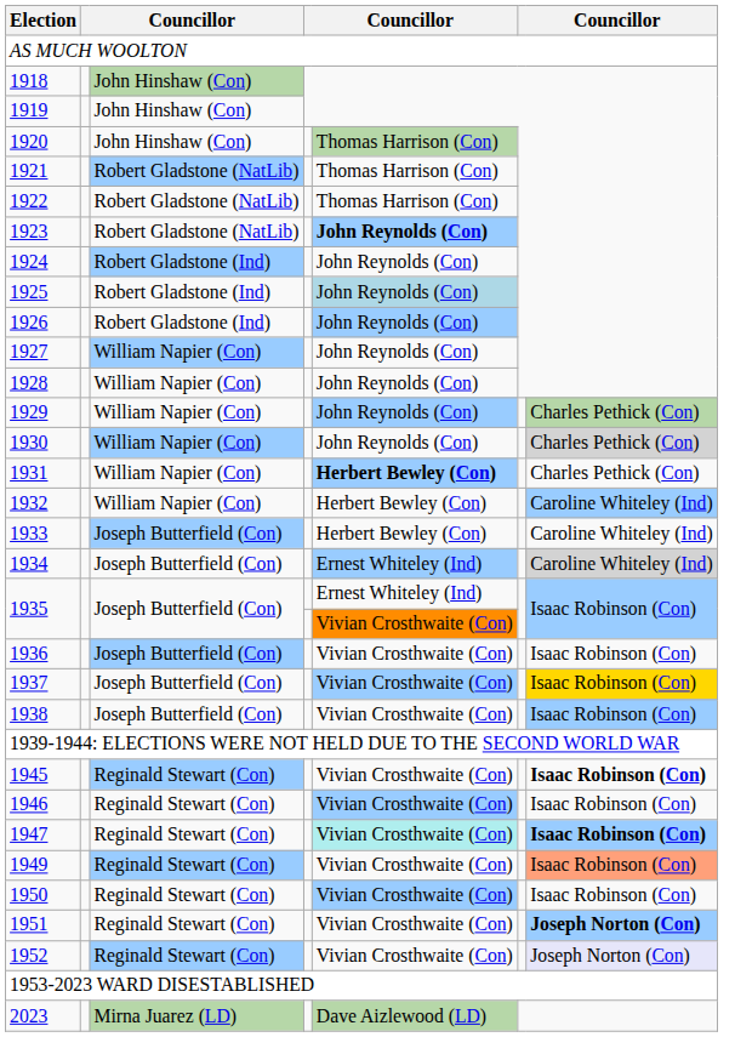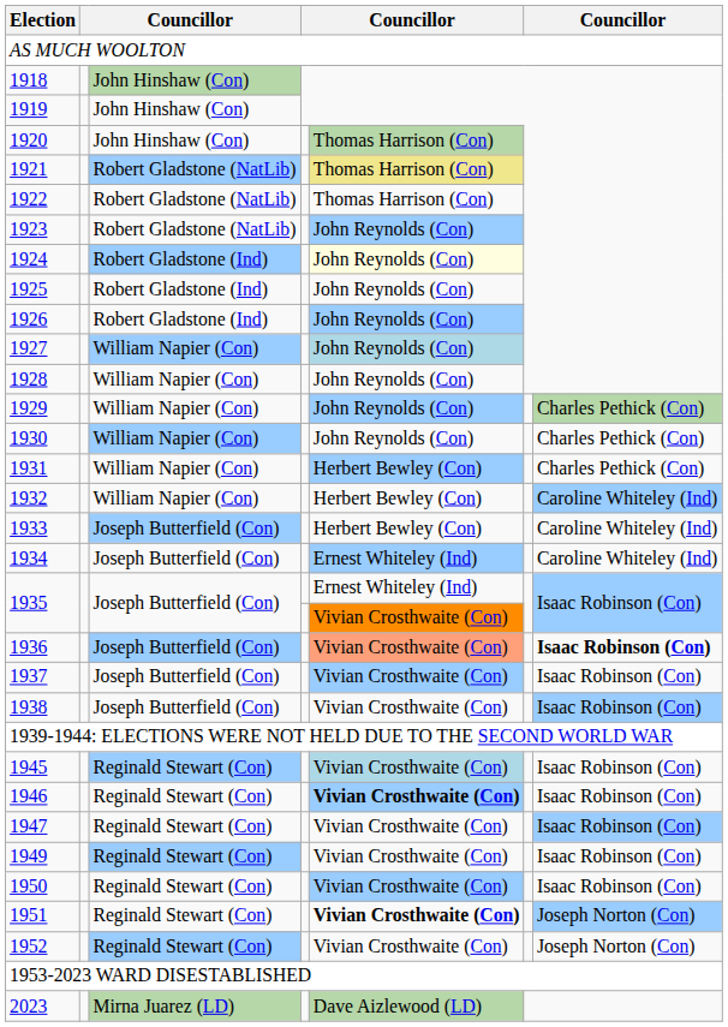 <table class="wikitable">
 <tr>
 <th>Election</th>
 <th colspan="2">Councillor</th>
 <th colspan="2">Councillor</th>
 <th colspan="2">Councillor</th>
 </tr>
 <tr>
 <td colspan="8" bgcolor="#FFF"><div><em>AS MUCH WOOLTON</em></div></td>
 </tr>
 <tr>
 <td><a href='#'>1918</a></td>
 <td style="background-color: "></td>
 <td bgcolor="#B6D7A8">John Hinshaw (<a href='#'>Con</a>)</td>
 </tr>
 <tr>
 <td><a href='#'>1919</a></td>
 <td style="background-color: "></td>
 <td>John Hinshaw (<a href='#'>Con</a>)</td>
 </tr>
 <tr>
 <td><a href='#'>1920</a></td>
 <td style="background-color: "></td>
 <td>John Hinshaw (<a href='#'>Con</a>)</td>
 <td style="background-color: "></td>
 <td bgcolor="#B6D7A8">Thomas Harrison (<a href='#'>Con</a>)</td>
 </tr>
 <tr>
 <td><a href='#'>1921</a></td>
 <td style="background-color: "></td>
 <td bgcolor="#99CCFF">Robert Gladstone (<a href='#'>NatLib</a>)</td>
 <td style="background-color: "></td>
-<td>Thomas Harrison (<a href='#'>Con</a>)</td>
+<td style="background: khaki;">Thomas Harrison (<a href='#'>Con</a>)</td>
 </tr>
 <tr>
 <td><a href='#'>1922</a></td>
 <td style="background-color: "></td>
 <td>Robert Gladstone (<a href='#'>NatLib</a>)</td>
 <td style="background-color: "></td>
 <td>Thomas Harrison (<a href='#'>Con</a>)</td>
 </tr>
 <tr>
 <td><a href='#'>1923</a></td>
 <td style="background-color: "></td>
 <td>Robert Gladstone (<a href='#'>NatLib</a>)</td>
 <td style="background-color: "></td>
-<td bgcolor="#99CCFF"><strong>John Reynolds (<a href='#'>Con</a>)</strong></td>
+<td bgcolor="#99CCFF">John Reynolds (<a href='#'>Con</a>)</td>
 </tr>
 <tr>
 <td><a href='#'>1924</a></td>
 <td style="background-color: "></td>
 <td bgcolor="#99CCFF">Robert Gladstone (<a href='#'>Ind</a>)</td>
 <td style="background-color: "></td>
-<td>John Reynolds (<a href='#'>Con</a>)</td>
+<td style="background: lightyellow;">John Reynolds (<a href='#'>Con</a>)</td>
 </tr>
 <tr>
 <td><a href='#'>1925</a></td>
 <td style="background-color: "></td>
 <td>Robert Gladstone (<a href='#'>Ind</a>)</td>
 <td style="background-color: "></td>
-<td style="background: lightblue;">John Reynolds (<a href='#'>Con</a>)</td>
+<td>John Reynolds (<a href='#'>Con</a>)</td>
 </tr>
 <tr>
 <td><a href='#'>1926</a></td>
 <td style="background-color: "></td>
 <td>Robert Gladstone (<a href='#'>Ind</a>)</td>
 <td style="background-color: "></td>
 <td bgcolor="#99CCFF">John Reynolds (<a href='#'>Con</a>)</td>
 </tr>
 <tr>
 <td><a href='#'>1927</a></td>
 <td style="background-color: "></td>
 <td bgcolor="#99CCFF">William Napier (<a href='#'>Con</a>)</td>
 <td style="background-color: "></td>
-<td>John Reynolds (<a href='#'>Con</a>)</td>
+<td style="background: lightblue;">John Reynolds (<a href='#'>Con</a>)</td>
 </tr>
 <tr>
 <td><a href='#'>1928</a></td>
 <td style="background-color: "></td>
 <td>William Napier (<a href='#'>Con</a>)</td>
 <td style="background-color: "></td>
 <td>John Reynolds (<a href='#'>Con</a>)</td>
 </tr>
 <tr>
 <td><a href='#'>1929</a></td>
 <td style="background-color: "></td>
 <td>William Napier (<a href='#'>Con</a>)</td>
 <td style="background-color: "></td>
 <td bgcolor="#99CCFF">John Reynolds (<a href='#'>Con</a>)</td>
 <td style="background-color: "></td>
 <td bgcolor="#B6D7A8">Charles Pethick (<a href='#'>Con</a>)</td>
 </tr>
 <tr>
 <td><a href='#'>1930</a></td>
 <td style="background-color: "></td>
 <td bgcolor="#99CCFF">William Napier (<a href='#'>Con</a>)</td>
 <td style="background-color: "></td>
 <td>John Reynolds (<a href='#'>Con</a>)</td>
 <td style="background-color: "></td>
-<td style="background: lightgrey;">Charles Pethick (<a href='#'>Con</a>)</td>
+<td>Charles Pethick (<a href='#'>Con</a>)</td>
 </tr>
 <tr>
 <td><a href='#'>1931</a></td>
 <td style="background-color: "></td>
 <td>William Napier (<a href='#'>Con</a>)</td>
 <td style="background-color: "></td>
-<td bgcolor="#99CCFF"><strong>Herbert Bewley (<a href='#'>Con</a>)</strong></td>
+<td bgcolor="#99CCFF">Herbert Bewley (<a href='#'>Con</a>)</td>
 <td style="background-color: "></td>
 <td>Charles Pethick (<a href='#'>Con</a>)</td>
 </tr>
 <tr>
 <td><a href='#'>1932</a></td>
 <td style="background-color: "></td>
 <td>William Napier (<a href='#'>Con</a>)</td>
 <td style="background-color: "></td>
 <td>Herbert Bewley (<a href='#'>Con</a>)</td>
 <td style="background-color: "></td>
 <td bgcolor="#99CCFF">Caroline Whiteley (<a href='#'>Ind</a>)</td>
 </tr>
 <tr>
 <td><a href='#'>1933</a></td>
 <td style="background-color: "></td>
 <td bgcolor="#99CCFF">Joseph Butterfield (<a href='#'>Con</a>)</td>
 <td style="background-color: "></td>
 <td>Herbert Bewley (<a href='#'>Con</a>)</td>
 <td style="background-color: "></td>
 <td>Caroline Whiteley (<a href='#'>Ind</a>)</td>
 </tr>
 <tr>
 <td><a href='#'>1934</a></td>
 <td style="background-color: "></td>
 <td>Joseph Butterfield (<a href='#'>Con</a>)</td>
 <td style="background-color: "></td>
 <td bgcolor="#99CCFF">Ernest Whiteley (<a href='#'>Ind</a>)</td>
 <td style="background-color: "></td>
-<td style="background: lightgrey;">Caroline Whiteley (<a href='#'>Ind</a>)</td>
+<td>Caroline Whiteley (<a href='#'>Ind</a>)</td>
 </tr>
 <tr>
 <td rowspan="2"><a href='#'>1935</a></td>
 <td rowspan="2" style="background-color: "></td>
 <td rowspan="2">Joseph Butterfield (<a href='#'>Con</a>)</td>
 <td style="background-color: "></td>
 <td>Ernest Whiteley (<a href='#'>Ind</a>)</td>
 <td rowspan="2" style="background-color: "></td>
 <td rowspan="2" bgcolor="#99CCFF">Isaac Robinson (<a href='#'>Con</a>)</td>
 </tr>
 <tr>
 <td style="background-color: "></td>
 <td bgcolor="#FF8C00">Vivian Crosthwaite (<a href='#'>Con</a>)</td>
 </tr>
 <tr>
 <td><a href='#'>1936</a></td>
 <td style="background-color: "></td>
 <td bgcolor="#99CCFF">Joseph Butterfield (<a href='#'>Con</a>)</td>
 <td style="background-color: "></td>
-<td>Vivian Crosthwaite (<a href='#'>Con</a>)</td>
+<td style="background: lightsalmon;">Vivian Crosthwaite (<a href='#'>Con</a>)</td>
 <td style="background-color: "></td>
-<td>Isaac Robinson (<a href='#'>Con</a>)</td>
+<td><strong>Isaac Robinson (<a href='#'>Con</a>)</strong></td>
 </tr>
 <tr>
 <td><a href='#'>1937</a></td>
 <td style="background-color: "></td>
 <td>Joseph Butterfield (<a href='#'>Con</a>)</td>
 <td style="background-color: "></td>
 <td bgcolor="#99CCFF">Vivian Crosthwaite (<a href='#'>Con</a>)</td>
 <td style="background-color: "></td>
-<td style="background: gold;">Isaac Robinson (<a href='#'>Con</a>)</td>
+<td>Isaac Robinson (<a href='#'>Con</a>)</td>
 </tr>
 <tr>
 <td><a href='#'>1938</a></td>
 <td style="background-color: "></td>
 <td>Joseph Butterfield (<a href='#'>Con</a>)</td>
 <td style="background-color: "></td>
 <td>Vivian Crosthwaite (<a href='#'>Con</a>)</td>
 <td style="background-color: "></td>
 <td bgcolor="#99CCFF">Isaac Robinson (<a href='#'>Con</a>)</td>
 </tr>
 <tr>
 <td colspan="8" bgcolor="#FFF"><div>1939-1944: ELECTIONS WERE NOT HELD DUE TO THE <a href='#'>SECOND WORLD WAR</a></div></td>
 </tr>
 <tr>
 <td><a href='#'>1945</a></td>
 <td style="background-color: "></td>
 <td bgcolor="#99CCFF">Reginald Stewart (<a href='#'>Con</a>)</td>
 <td style="background-color: "></td>
-<td>Vivian Crosthwaite (<a href='#'>Con</a>)</td>
+<td style="background: lightblue;">Vivian Crosthwaite (<a href='#'>Con</a>)</td>
 <td style="background-color: "></td>
-<td><strong>Isaac Robinson (<a href='#'>Con</a>)</strong></td>
+<td>Isaac Robinson (<a href='#'>Con</a>)</td>
 </tr>
 <tr>
 <td><a href='#'>1946</a></td>
 <td style="background-color: "></td>
 <td>Reginald Stewart (<a href='#'>Con</a>)</td>
 <td style="background-color: "></td>
-<td bgcolor="#99CCFF">Vivian Crosthwaite (<a href='#'>Con</a>)</td>
+<td bgcolor="#99CCFF"><strong>Vivian Crosthwaite (<a href='#'>Con</a>)</strong></td>
 <td style="background-color: "></td>
 <td>Isaac Robinson (<a href='#'>Con</a>)</td>
 </tr>
 <tr>
 <td><a href='#'>1947</a></td>
 <td style="background-color: "></td>
 <td>Reginald Stewart (<a href='#'>Con</a>)</td>
 <td style="background-color: "></td>
-<td style="background: paleturquoise;">Vivian Crosthwaite (<a href='#'>Con</a>)</td>
+<td>Vivian Crosthwaite (<a href='#'>Con</a>)</td>
 <td style="background-color: "></td>
-<td bgcolor="#99CCFF"><strong>Isaac Robinson (<a href='#'>Con</a>)</strong></td>
+<td bgcolor="#99CCFF">Isaac Robinson (<a href='#'>Con</a>)</td>
 </tr>
 <tr>
 <td><a href='#'>1949</a></td>
 <td style="background-color: "></td>
 <td bgcolor="#99CCFF">Reginald Stewart (<a href='#'>Con</a>)</td>
 <td style="background-color: "></td>
 <td>Vivian Crosthwaite (<a href='#'>Con</a>)</td>
 <td style="background-color: "></td>
-<td style="background: lightsalmon;">Isaac Robinson (<a href='#'>Con</a>)</td>
+<td>Isaac Robinson (<a href='#'>Con</a>)</td>
 </tr>
 <tr>
 <td><a href='#'>1950</a></td>
 <td style="background-color: "></td>
 <td>Reginald Stewart (<a href='#'>Con</a>)</td>
 <td style="background-color: "></td>
 <td bgcolor="#99CCFF">Vivian Crosthwaite (<a href='#'>Con</a>)</td>
 <td style="background-color: "></td>
 <td>Isaac Robinson (<a href='#'>Con</a>)</td>
 </tr>
 <tr>
 <td><a href='#'>1951</a></td>
 <td style="background-color: "></td>
 <td>Reginald Stewart (<a href='#'>Con</a>)</td>
 <td style="background-color: "></td>
-<td>Vivian Crosthwaite (<a href='#'>Con</a>)</td>
+<td><strong>Vivian Crosthwaite (<a href='#'>Con</a>)</strong></td>
 <td style="background-color: "></td>
-<td bgcolor="#99CCFF"><strong>Joseph Norton (<a href='#'>Con</a>)</strong></td>
+<td bgcolor="#99CCFF">Joseph Norton (<a href='#'>Con</a>)</td>
 </tr>
 <tr>
 <td><a href='#'>1952</a></td>
 <td style="background-color: "></td>
 <td bgcolor="#99CCFF">Reginald Stewart (<a href='#'>Con</a>)</td>
 <td style="background-color: "></td>
 <td>Vivian Crosthwaite (<a href='#'>Con</a>)</td>
 <td style="background-color: "></td>
-<td style="background: lavender;">Joseph Norton (<a href='#'>Con</a>)</td>
+<td>Joseph Norton (<a href='#'>Con</a>)</td>
 </tr>
 <tr>
 <td colspan="8" bgcolor="#FFF"><div>1953-2023 WARD DISESTABLISHED</div></td>
 </tr>
 <tr>
 <td><a href='#'>2023</a></td>
 <td style="background-color: "></td>
 <td bgcolor="#B6D7A8">Mirna Juarez (<a href='#'>LD</a>)</td>
 <td style="background-color: "></td>
 <td bgcolor="#B6D7A8">Dave Aizlewood (<a href='#'>LD</a>)</td>
 </tr>
 </table>
